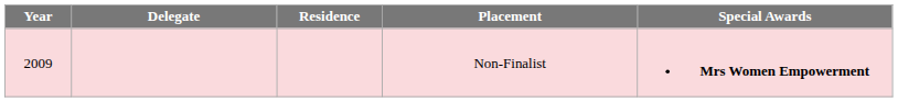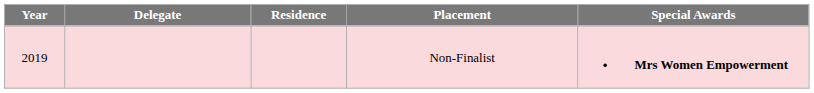 <table class="wikitable sortable" style="font-size: 90%; text-align:center">
 <tr>
 <th width="60" style="background-color:#787878;color:#FFFFFF;">Year</th>
 <th width="200" style="background-color:#787878;color:#FFFFFF;">Delegate</th>
 <th width="100" style="background-color:#787878;color:#FFFFFF;">Residence</th>
 <th width="250" style="background-color:#787878;color:#FFFFFF;">Placement</th>
 <th width="250" style="background-color:#787878;color:#FFFFFF;">Special Awards</th>
 </tr>
 <tr style="background-color:#FADADD;: bold">
-<td><strong></strong> 2009</td>
+<td><strong></strong> 2019</td>
 <td></td>
 <td></td>
 <td>Non-Finalist</td>
 <td><br><ul><li><strong>Mrs Women Empowerment</strong></li></ul></td>
 </tr>
 </table>
